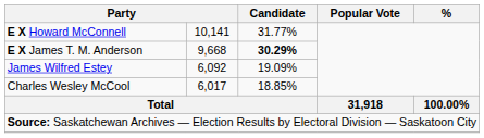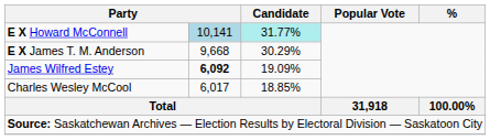 <table class="wikitable">
 <tr>
 <th colspan="2">Party</th>
 <th>Candidate</th>
 <th>Popular Vote</th>
 <th>%</th>
 </tr>
 <tr>
 <td><strong>E</strong> <strong>X</strong> <a href='#'>Howard McConnell</a></td>
-<td align=center>10,141</td>
-<td align=center>31.77%</td>
+<td align=center style="background: lightblue;">10,141</td>
+<td align=center style="background: paleturquoise;">31.77%</td>
 </tr>
 <tr>
 <td><strong>E</strong> <strong>X</strong> James T. M. Anderson</td>
 <td align=center>9,668</td>
-<td align=center><strong>30.29%</strong></td>
+<td align=center>30.29%</td>
 </tr>
 <tr>
 <td><a href='#'>James Wilfred Estey</a></td>
-<td align=center>6,092</td>
+<td align=center><strong>6,092</strong></td>
 <td align=center>19.09%</td>
 </tr>
 <tr>
 <td>Charles Wesley McCool</td>
 <td align=center>6,017</td>
 <td align=center>18.85%</td>
 </tr>
 <tr>
 <th colspan=3>Total</th>
 <th>31,918</th>
 <th>100.00%</th>
 </tr>
 <tr>
 <td align="center" colspan=5><strong>Source:</strong> Saskatchewan Archives — Election Results by Electoral Division — Saskatoon City</td>
 </tr>
 <tr>
 </tr>
 </table>
